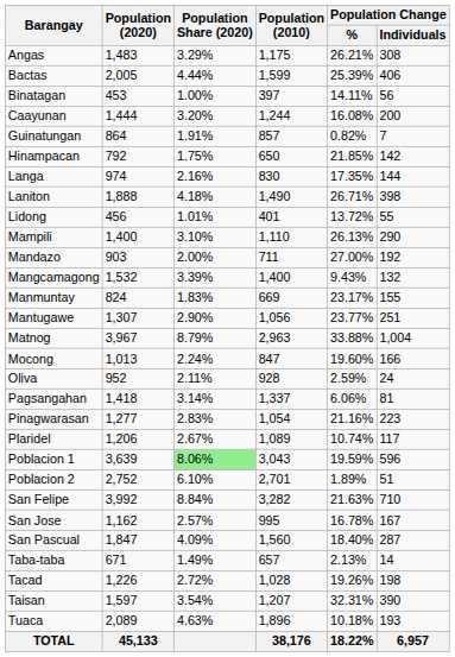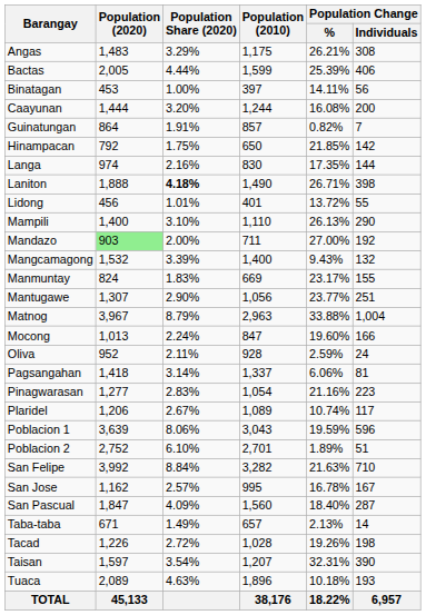 <table class="wikitable sortable">
 <tr>
 <th rowspan="2">Barangay</th>
 <th rowspan="2">Population<br>(2020)</th>
 <th rowspan="2">Population<br>Share (2020)</th>
 <th rowspan="2">Population<br>(2010)</th>
 <th colspan="2">Population Change</th>
 </tr>
 <tr>
 <th>%</th>
 <th>Individuals</th>
 </tr>
 <tr>
 <td>Angas</td>
 <td>1,483</td>
 <td>3.29%</td>
 <td>1,175</td>
 <td>26.21%</td>
 <td>308</td>
 </tr>
 <tr>
 <td>Bactas</td>
 <td>2,005</td>
 <td>4.44%</td>
 <td>1,599</td>
 <td>25.39%</td>
 <td>406</td>
 </tr>
 <tr>
 <td>Binatagan</td>
 <td>453</td>
 <td>1.00%</td>
 <td>397</td>
 <td>14.11%</td>
 <td>56</td>
 </tr>
 <tr>
 <td>Caayunan</td>
 <td>1,444</td>
 <td>3.20%</td>
 <td>1,244</td>
 <td>16.08%</td>
 <td>200</td>
 </tr>
 <tr>
 <td>Guinatungan</td>
 <td>864</td>
 <td>1.91%</td>
 <td>857</td>
 <td>0.82%</td>
 <td>7</td>
 </tr>
 <tr>
 <td>Hinampacan</td>
 <td>792</td>
 <td>1.75%</td>
 <td>650</td>
 <td>21.85%</td>
 <td>142</td>
 </tr>
 <tr>
 <td>Langa</td>
 <td>974</td>
 <td>2.16%</td>
 <td>830</td>
 <td>17.35%</td>
 <td>144</td>
 </tr>
 <tr>
 <td>Laniton</td>
 <td>1,888</td>
-<td>4.18%</td>
+<td><strong>4.18%</strong></td>
 <td>1,490</td>
 <td>26.71%</td>
 <td>398</td>
 </tr>
 <tr>
 <td>Lidong</td>
 <td>456</td>
 <td>1.01%</td>
 <td>401</td>
 <td>13.72%</td>
 <td>55</td>
 </tr>
 <tr>
 <td>Mampili</td>
 <td>1,400</td>
 <td>3.10%</td>
 <td>1,110</td>
 <td>26.13%</td>
 <td>290</td>
 </tr>
 <tr>
 <td>Mandazo</td>
-<td>903</td>
+<td style="background: lightgreen;">903</td>
 <td>2.00%</td>
 <td>711</td>
 <td>27.00%</td>
 <td>192</td>
 </tr>
 <tr>
 <td>Mangcamagong</td>
 <td>1,532</td>
 <td>3.39%</td>
 <td>1,400</td>
 <td>9.43%</td>
 <td>132</td>
 </tr>
 <tr>
 <td>Manmuntay</td>
 <td>824</td>
 <td>1.83%</td>
 <td>669</td>
 <td>23.17%</td>
 <td>155</td>
 </tr>
 <tr>
 <td>Mantugawe</td>
 <td>1,307</td>
 <td>2.90%</td>
 <td>1,056</td>
 <td>23.77%</td>
 <td>251</td>
 </tr>
 <tr>
 <td>Matnog</td>
 <td>3,967</td>
 <td>8.79%</td>
 <td>2,963</td>
 <td>33.88%</td>
 <td>1,004</td>
 </tr>
 <tr>
 <td>Mocong</td>
 <td>1,013</td>
 <td>2.24%</td>
 <td>847</td>
 <td>19.60%</td>
 <td>166</td>
 </tr>
 <tr>
 <td>Oliva</td>
 <td>952</td>
 <td>2.11%</td>
 <td>928</td>
 <td>2.59%</td>
 <td>24</td>
 </tr>
 <tr>
 <td>Pagsangahan</td>
 <td>1,418</td>
 <td>3.14%</td>
 <td>1,337</td>
 <td>6.06%</td>
 <td>81</td>
 </tr>
 <tr>
 <td>Pinagwarasan</td>
 <td>1,277</td>
 <td>2.83%</td>
 <td>1,054</td>
 <td>21.16%</td>
 <td>223</td>
 </tr>
 <tr>
 <td>Plaridel</td>
 <td>1,206</td>
 <td>2.67%</td>
 <td>1,089</td>
 <td>10.74%</td>
 <td>117</td>
 </tr>
 <tr>
 <td>Poblacion 1</td>
 <td>3,639</td>
-<td style="background: lightgreen;">8.06%</td>
+<td>8.06%</td>
 <td>3,043</td>
 <td>19.59%</td>
 <td>596</td>
 </tr>
 <tr>
 <td>Poblacion 2</td>
 <td>2,752</td>
 <td>6.10%</td>
 <td>2,701</td>
 <td>1.89%</td>
 <td>51</td>
 </tr>
 <tr>
 <td>San Felipe</td>
 <td>3,992</td>
 <td>8.84%</td>
 <td>3,282</td>
 <td>21.63%</td>
 <td>710</td>
 </tr>
 <tr>
 <td>San Jose</td>
 <td>1,162</td>
 <td>2.57%</td>
 <td>995</td>
 <td>16.78%</td>
 <td>167</td>
 </tr>
 <tr>
 <td>San Pascual</td>
 <td>1,847</td>
 <td>4.09%</td>
 <td>1,560</td>
 <td>18.40%</td>
 <td>287</td>
 </tr>
 <tr>
 <td>Taba-taba</td>
 <td>671</td>
 <td>1.49%</td>
 <td>657</td>
 <td>2.13%</td>
 <td>14</td>
 </tr>
 <tr>
 <td>Tacad</td>
 <td>1,226</td>
 <td>2.72%</td>
 <td>1,028</td>
 <td>19.26%</td>
 <td>198</td>
 </tr>
 <tr>
 <td>Taisan</td>
 <td>1,597</td>
 <td>3.54%</td>
 <td>1,207</td>
 <td>32.31%</td>
 <td>390</td>
 </tr>
 <tr>
 <td>Tuaca</td>
 <td>2,089</td>
 <td>4.63%</td>
 <td>1,896</td>
 <td>10.18%</td>
 <td>193</td>
 </tr>
 <tr>
 <th>TOTAL</th>
 <th>45,133</th>
 <th></th>
 <th>38,176</th>
 <th>18.22%</th>
 <th>6,957</th>
 </tr>
 </table>
